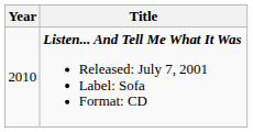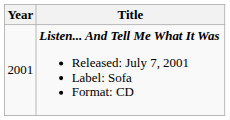 <table class="wikitable">
 <tr>
 <th>Year</th>
 <th style="width:225px;">Title</th>
 </tr>
 <tr>
-<td>2010</td>
+<td>2001</td>
 <td><strong><em>Listen... And Tell Me What It Was</em></strong><br><ul><li>Released: July 7, 2001</li><li>Label: Sofa </li><li>Format: CD</li></ul></td>
 </tr>
 </table>
